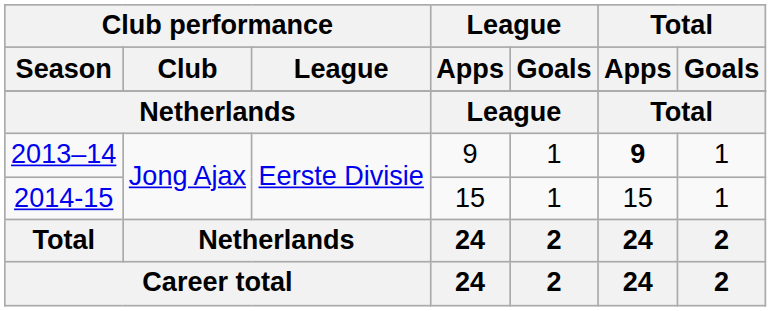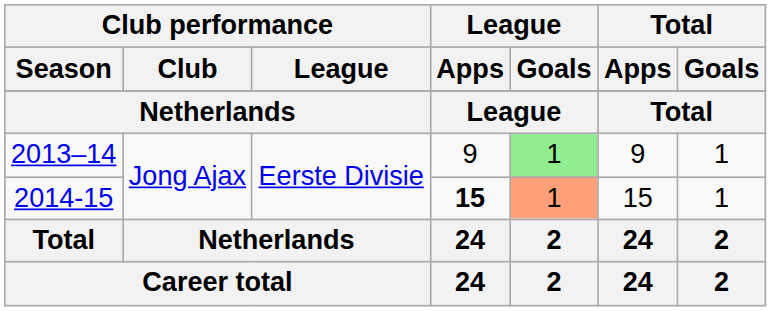 <table class="wikitable" style="text-align:center">
 <tr>
 <th colspan=3>Club performance</th>
 <th colspan=2>League</th>
 <th colspan=2>Total</th>
 </tr>
 <tr>
 <th>Season</th>
 <th>Club</th>
 <th>League</th>
 <th>Apps</th>
 <th>Goals</th>
 <th>Apps</th>
 <th>Goals</th>
 </tr>
 <tr>
 </tr>
 <tr>
 <th colspan=3>Netherlands</th>
 <th colspan=2>League</th>
 <th colspan=2>Total</th>
 </tr>
 <tr>
 <td><a href='#'>2013–14</a></td>
 <td rowspan="2"><a href='#'>Jong Ajax</a></td>
 <td rowspan="2"><a href='#'>Eerste Divisie</a></td>
 <td>9</td>
-<td>1</td>
-<td><strong>9</strong></td>
+<td style="background: lightgreen;">1</td>
+<td>9</td>
 <td>1</td>
 </tr>
 <tr>
 <td><a href='#'>2014-15</a></td>
-<td>15</td>
-<td>1</td>
+<td><strong>15</strong></td>
+<td style="background: lightsalmon;">1</td>
 <td>15</td>
 <td>1</td>
 </tr>
 <tr>
 <th rowspan=1>Total</th>
 <th colspan=2>Netherlands</th>
 <th>24</th>
 <th>2</th>
 <th>24</th>
 <th>2</th>
 </tr>
 <tr>
 <th colspan=3>Career total</th>
 <th>24</th>
 <th>2</th>
 <th>24</th>
 <th>2</th>
 </tr>
 </table>
